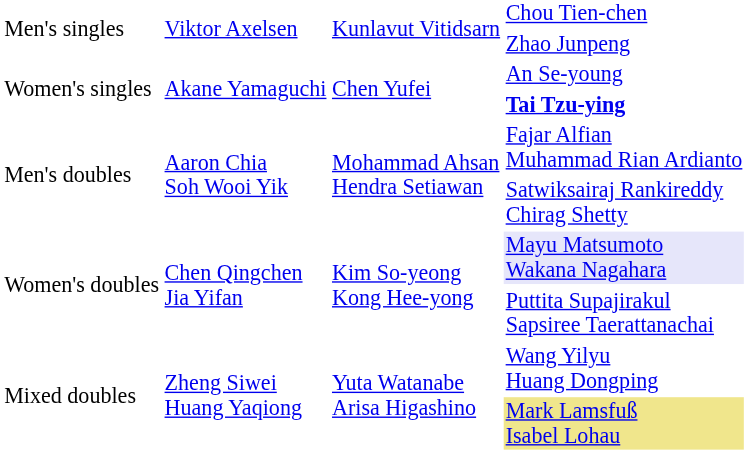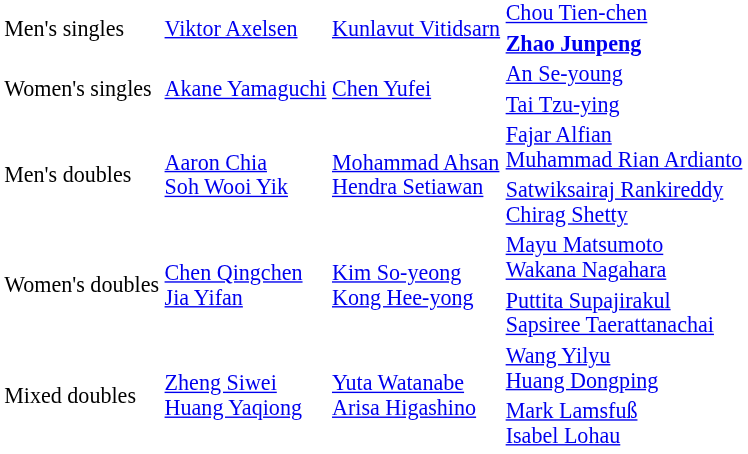 <table>
 <tr>
 <td rowspan=2>Men's singles<br></td>
 <td rowspan=2> <a href='#'>Viktor Axelsen</a></td>
 <td rowspan=2> <a href='#'>Kunlavut Vitidsarn</a></td>
 <td> <a href='#'>Chou Tien-chen</a></td>
 </tr>
 <tr>
-<td> <a href='#'>Zhao Junpeng</a></td>
+<td><strong> <a href='#'>Zhao Junpeng</a></strong></td>
 </tr>
 <tr>
 <td rowspan=2>Women's singles<br></td>
 <td rowspan=2> <a href='#'>Akane Yamaguchi</a></td>
 <td rowspan=2> <a href='#'>Chen Yufei</a></td>
 <td> <a href='#'>An Se-young</a></td>
 </tr>
 <tr>
-<td><strong> <a href='#'>Tai Tzu-ying</a></strong></td>
+<td> <a href='#'>Tai Tzu-ying</a></td>
 </tr>
 <tr>
 <td rowspan=2>Men's doubles<br></td>
 <td rowspan=2> <a href='#'>Aaron Chia</a><br> <a href='#'>Soh Wooi Yik</a></td>
 <td rowspan=2> <a href='#'>Mohammad Ahsan</a><br> <a href='#'>Hendra Setiawan</a></td>
 <td> <a href='#'>Fajar Alfian</a><br> <a href='#'>Muhammad Rian Ardianto</a></td>
 </tr>
 <tr>
 <td> <a href='#'>Satwiksairaj Rankireddy</a><br> <a href='#'>Chirag Shetty</a></td>
 </tr>
 <tr>
 <td rowspan=2>Women's doubles<br></td>
 <td rowspan=2> <a href='#'>Chen Qingchen</a><br> <a href='#'>Jia Yifan</a></td>
 <td rowspan=2> <a href='#'>Kim So-yeong</a><br> <a href='#'>Kong Hee-yong</a></td>
-<td style="background: lavender;"> <a href='#'>Mayu Matsumoto</a><br> <a href='#'>Wakana Nagahara</a></td>
+<td> <a href='#'>Mayu Matsumoto</a><br> <a href='#'>Wakana Nagahara</a></td>
 </tr>
 <tr>
 <td> <a href='#'>Puttita Supajirakul</a><br> <a href='#'>Sapsiree Taerattanachai</a></td>
 </tr>
 <tr>
 <td rowspan=2>Mixed doubles<br></td>
 <td rowspan=2> <a href='#'>Zheng Siwei</a><br> <a href='#'>Huang Yaqiong</a></td>
 <td rowspan=2> <a href='#'>Yuta Watanabe</a><br> <a href='#'>Arisa Higashino</a></td>
 <td> <a href='#'>Wang Yilyu</a><br> <a href='#'>Huang Dongping</a></td>
 </tr>
 <tr>
-<td style="background: khaki;"> <a href='#'>Mark Lamsfuß</a><br> <a href='#'>Isabel Lohau</a></td>
+<td> <a href='#'>Mark Lamsfuß</a><br> <a href='#'>Isabel Lohau</a></td>
 </tr>
 </table>
